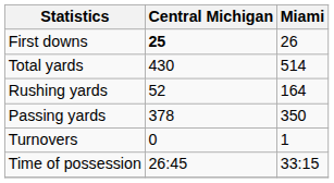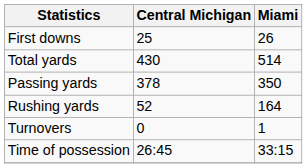 <table class="wikitable">
 <tr>
 <th>Statistics</th>
 <th>Central Michigan</th>
 <th>Miami</th>
 </tr>
 <tr>
 <td>First downs</td>
-<td><strong>25</strong></td>
+<td>25</td>
 <td>26</td>
 </tr>
 <tr>
 <td>Total yards</td>
 <td>430</td>
 <td>514</td>
 </tr>
 <tr>
+<td>Passing yards</td>
+<td>378</td>
+<td>350</td>
+</tr>
+<tr>
 <td>Rushing yards</td>
 <td>52</td>
 <td>164</td>
-</tr>
-<tr>
-<td>Passing yards</td>
-<td>378</td>
-<td>350</td>
 </tr>
 <tr>
 <td>Turnovers</td>
 <td>0</td>
 <td>1</td>
 </tr>
 <tr>
 <td>Time of possession</td>
 <td>26:45</td>
 <td>33:15</td>
 </tr>
 <tr>
 </tr>
 </table>
